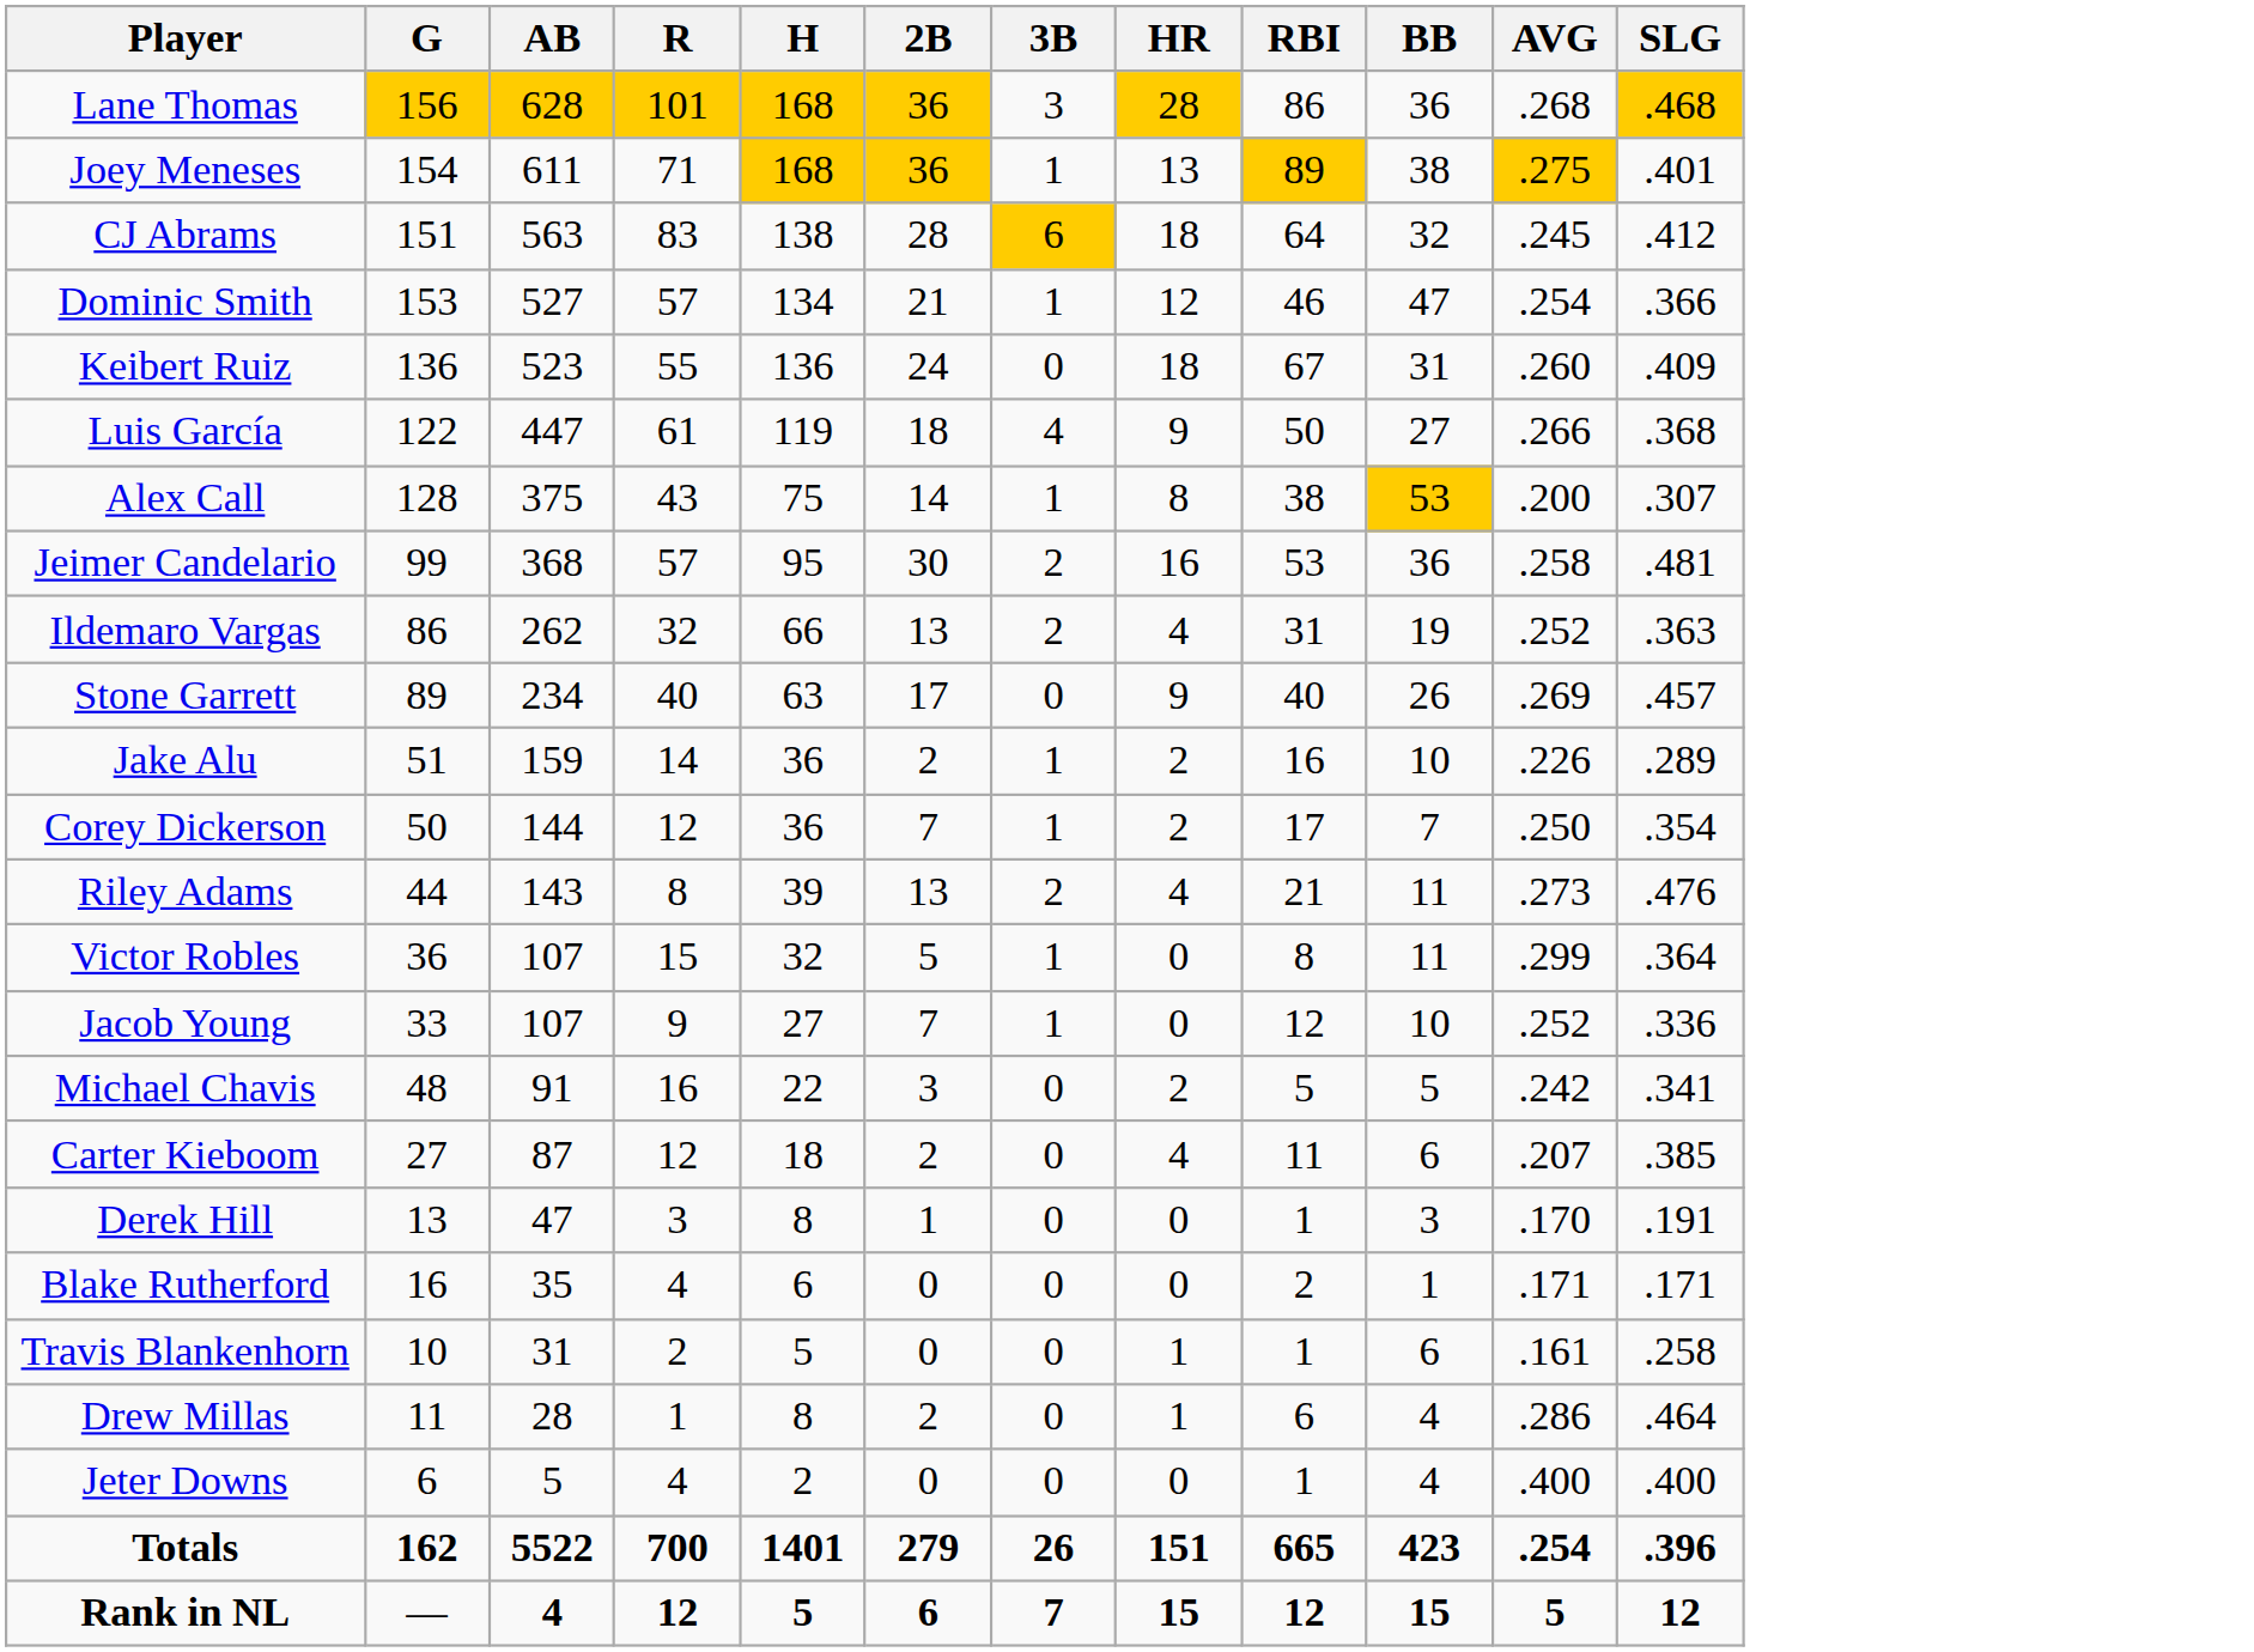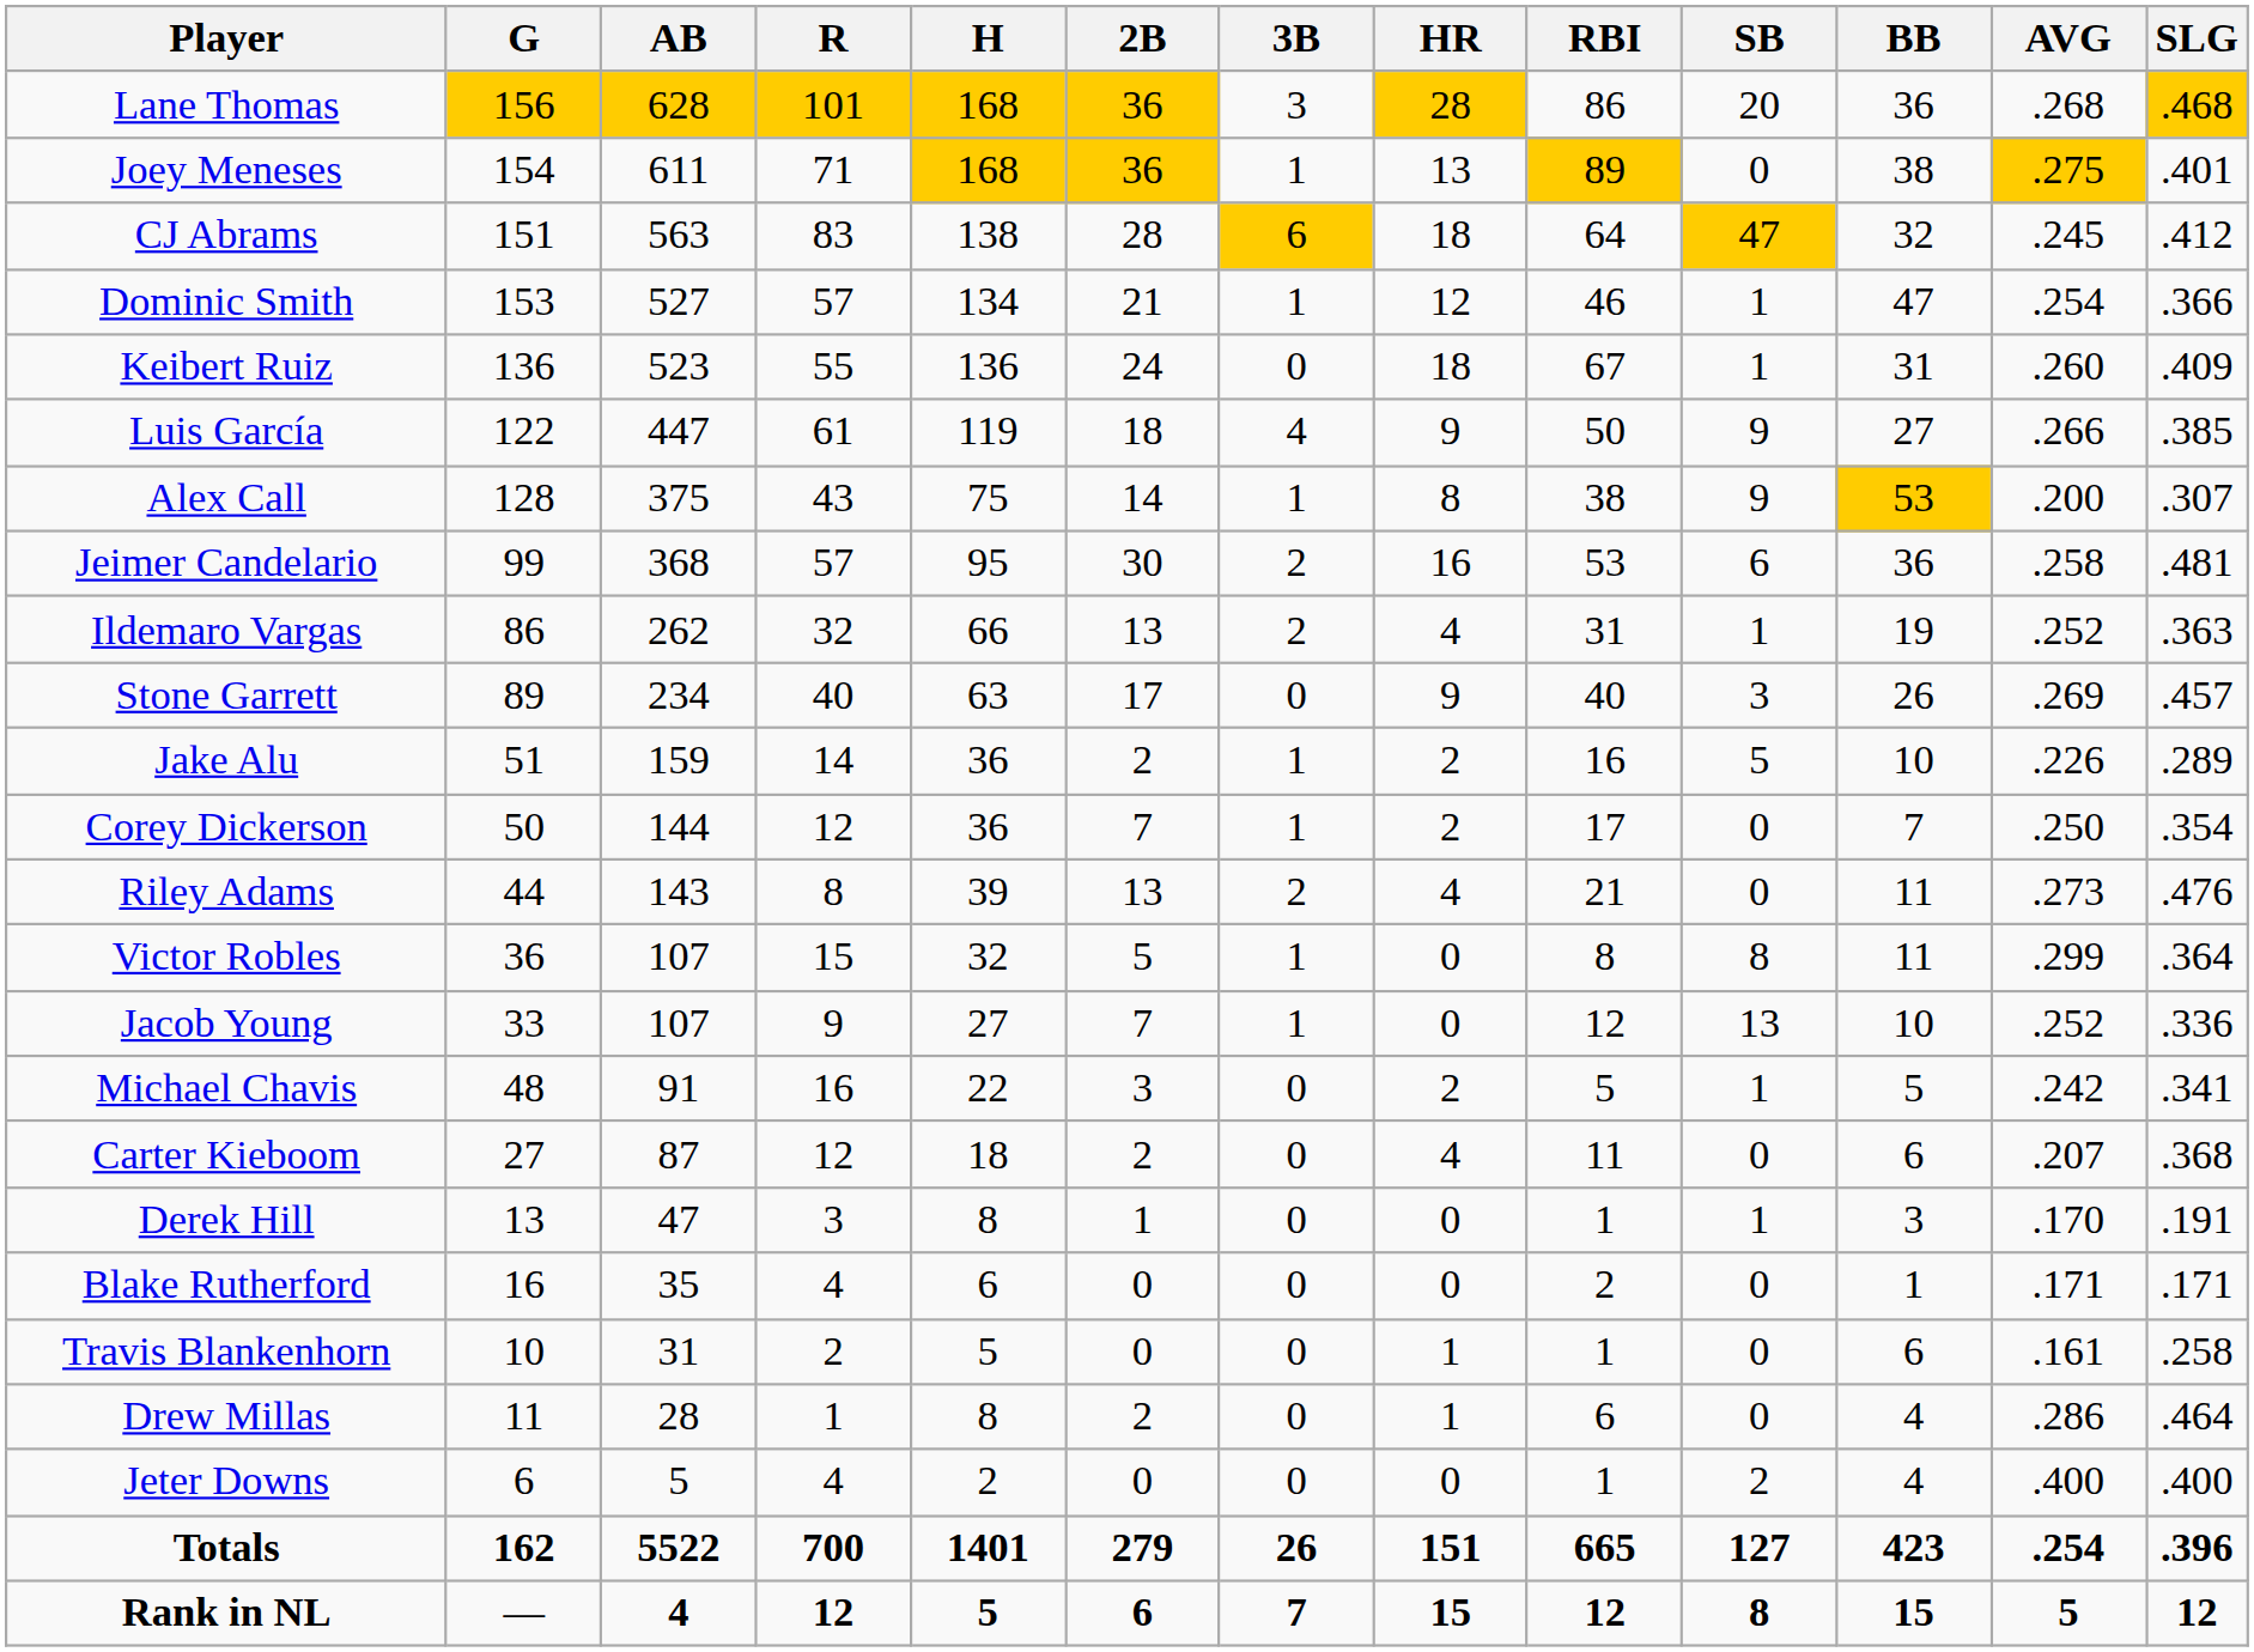 <table class=wikitable style="text-align:center">
 <tr>
 <th bgcolor=#DDDDFF; width="20%">Player</th>
 <th bgcolor=#DDDDFF; width="7%">G</th>
 <th bgcolor=#DDDDFF; width="7%">AB</th>
 <th bgcolor=#DDDDFF; width="7%">R</th>
 <th bgcolor=#DDDDFF; width="7%">H</th>
 <th bgcolor=#DDDDFF; width="7%'">2B</th>
 <th bgcolor=#DDDDFF; width="7%">3B</th>
 <th bgcolor=#DDDDFF; width="7%">HR</th>
 <th bgcolor=#DDDDFF; width="7%">RBI</th>
+<th bgcolor=#DDDDFF; width="7%">SB</th>
 <th bgcolor=#DDDDFF; width="7%">BB</th>
 <th bgcolor=#DDDDFF; width="7%">AVG</th>
 <th bgcolor=#DDDDFF; width="7%">SLG</th>
 </tr>
 <tr>
 <td><a href='#'>Lane Thomas</a></td>
 <td bgcolor=#ffcc00>156</td>
 <td bgcolor=#ffcc00>628</td>
 <td bgcolor=#ffcc00>101</td>
 <td bgcolor=#ffcc00>168</td>
 <td bgcolor=#ffcc00>36</td>
 <td>3</td>
 <td bgcolor=#ffcc00>28</td>
 <td>86</td>
+<td>20</td>
 <td>36</td>
 <td>.268</td>
 <td bgcolor=#ffcc00>.468</td>
 </tr>
 <tr>
 <td><a href='#'>Joey Meneses</a></td>
 <td>154</td>
 <td>611</td>
 <td>71</td>
 <td bgcolor=#ffcc00>168</td>
 <td bgcolor=#ffcc00>36</td>
 <td>1</td>
 <td>13</td>
 <td bgcolor=#ffcc00>89</td>
+<td>0</td>
 <td>38</td>
 <td bgcolor=#ffcc00>.275</td>
 <td>.401</td>
 </tr>
 <tr>
 <td><a href='#'>CJ Abrams</a></td>
 <td>151</td>
 <td>563</td>
 <td>83</td>
 <td>138</td>
 <td>28</td>
 <td bgcolor=#ffcc00>6</td>
 <td>18</td>
 <td>64</td>
+<td bgcolor=#ffcc00>47</td>
 <td>32</td>
 <td>.245</td>
 <td>.412</td>
 </tr>
 <tr>
 <td><a href='#'>Dominic Smith</a></td>
 <td>153</td>
 <td>527</td>
 <td>57</td>
 <td>134</td>
 <td>21</td>
 <td>1</td>
 <td>12</td>
 <td>46</td>
+<td>1</td>
 <td>47</td>
 <td>.254</td>
 <td>.366</td>
 </tr>
 <tr>
 <td><a href='#'>Keibert Ruiz</a></td>
 <td>136</td>
 <td>523</td>
 <td>55</td>
 <td>136</td>
 <td>24</td>
 <td>0</td>
 <td>18</td>
 <td>67</td>
+<td>1</td>
 <td>31</td>
 <td>.260</td>
 <td>.409</td>
 </tr>
 <tr>
 <td><a href='#'>Luis García</a></td>
 <td>122</td>
 <td>447</td>
 <td>61</td>
 <td>119</td>
 <td>18</td>
 <td>4</td>
 <td>9</td>
 <td>50</td>
+<td>9</td>
 <td>27</td>
 <td>.266</td>
-<td>.368</td>
+<td>.385</td>
 </tr>
 <tr>
 <td><a href='#'>Alex Call</a></td>
 <td>128</td>
 <td>375</td>
 <td>43</td>
 <td>75</td>
 <td>14</td>
 <td>1</td>
 <td>8</td>
 <td>38</td>
+<td>9</td>
 <td bgcolor=#ffcc00>53</td>
 <td>.200</td>
 <td>.307</td>
 </tr>
 <tr>
 <td><a href='#'>Jeimer Candelario</a></td>
 <td>99</td>
 <td>368</td>
 <td>57</td>
 <td>95</td>
 <td>30</td>
 <td>2</td>
 <td>16</td>
 <td>53</td>
+<td>6</td>
 <td>36</td>
 <td>.258</td>
 <td>.481</td>
 </tr>
 <tr>
 <td><a href='#'>Ildemaro Vargas</a></td>
 <td>86</td>
 <td>262</td>
 <td>32</td>
 <td>66</td>
 <td>13</td>
 <td>2</td>
 <td>4</td>
 <td>31</td>
+<td>1</td>
 <td>19</td>
 <td>.252</td>
 <td>.363</td>
 </tr>
 <tr>
 <td><a href='#'>Stone Garrett</a></td>
 <td>89</td>
 <td>234</td>
 <td>40</td>
 <td>63</td>
 <td>17</td>
 <td>0</td>
 <td>9</td>
 <td>40</td>
+<td>3</td>
 <td>26</td>
 <td>.269</td>
 <td>.457</td>
 </tr>
 <tr>
 <td><a href='#'>Jake Alu</a></td>
 <td>51</td>
 <td>159</td>
 <td>14</td>
 <td>36</td>
 <td>2</td>
 <td>1</td>
 <td>2</td>
 <td>16</td>
+<td>5</td>
 <td>10</td>
 <td>.226</td>
 <td>.289</td>
 </tr>
 <tr>
 <td><a href='#'>Corey Dickerson</a></td>
 <td>50</td>
 <td>144</td>
 <td>12</td>
 <td>36</td>
 <td>7</td>
 <td>1</td>
 <td>2</td>
 <td>17</td>
+<td>0</td>
 <td>7</td>
 <td>.250</td>
 <td>.354</td>
 </tr>
 <tr>
 <td><a href='#'>Riley Adams</a></td>
 <td>44</td>
 <td>143</td>
 <td>8</td>
 <td>39</td>
 <td>13</td>
 <td>2</td>
 <td>4</td>
 <td>21</td>
+<td>0</td>
 <td>11</td>
 <td>.273</td>
 <td>.476</td>
 </tr>
 <tr>
 <td><a href='#'>Victor Robles</a></td>
 <td>36</td>
 <td>107</td>
 <td>15</td>
 <td>32</td>
 <td>5</td>
 <td>1</td>
 <td>0</td>
+<td>8</td>
 <td>8</td>
 <td>11</td>
 <td>.299</td>
 <td>.364</td>
 </tr>
 <tr>
 <td><a href='#'>Jacob Young</a></td>
 <td>33</td>
 <td>107</td>
 <td>9</td>
 <td>27</td>
 <td>7</td>
 <td>1</td>
 <td>0</td>
 <td>12</td>
+<td>13</td>
 <td>10</td>
 <td>.252</td>
 <td>.336</td>
 </tr>
 <tr>
 <td><a href='#'>Michael Chavis</a></td>
 <td>48</td>
 <td>91</td>
 <td>16</td>
 <td>22</td>
 <td>3</td>
 <td>0</td>
 <td>2</td>
 <td>5</td>
+<td>1</td>
 <td>5</td>
 <td>.242</td>
 <td>.341</td>
 </tr>
 <tr>
 <td><a href='#'>Carter Kieboom</a></td>
 <td>27</td>
 <td>87</td>
 <td>12</td>
 <td>18</td>
 <td>2</td>
 <td>0</td>
 <td>4</td>
 <td>11</td>
+<td>0</td>
 <td>6</td>
 <td>.207</td>
-<td>.385</td>
+<td>.368</td>
 </tr>
 <tr>
 <td><a href='#'>Derek Hill</a></td>
 <td>13</td>
 <td>47</td>
 <td>3</td>
 <td>8</td>
 <td>1</td>
 <td>0</td>
 <td>0</td>
+<td>1</td>
 <td>1</td>
 <td>3</td>
 <td>.170</td>
 <td>.191</td>
 </tr>
 <tr>
 <td><a href='#'>Blake Rutherford</a></td>
 <td>16</td>
 <td>35</td>
 <td>4</td>
 <td>6</td>
 <td>0</td>
 <td>0</td>
 <td>0</td>
 <td>2</td>
+<td>0</td>
 <td>1</td>
 <td>.171</td>
 <td>.171</td>
 </tr>
 <tr>
 <td><a href='#'>Travis Blankenhorn</a></td>
 <td>10</td>
 <td>31</td>
 <td>2</td>
 <td>5</td>
 <td>0</td>
 <td>0</td>
 <td>1</td>
 <td>1</td>
+<td>0</td>
 <td>6</td>
 <td>.161</td>
 <td>.258</td>
 </tr>
 <tr>
 <td><a href='#'>Drew Millas</a></td>
 <td>11</td>
 <td>28</td>
 <td>1</td>
 <td>8</td>
 <td>2</td>
 <td>0</td>
 <td>1</td>
 <td>6</td>
+<td>0</td>
 <td>4</td>
 <td>.286</td>
 <td>.464</td>
 </tr>
 <tr>
 <td><a href='#'>Jeter Downs</a></td>
 <td>6</td>
 <td>5</td>
 <td>4</td>
 <td>2</td>
 <td>0</td>
 <td>0</td>
 <td>0</td>
 <td>1</td>
+<td>2</td>
 <td>4</td>
 <td>.400</td>
 <td>.400</td>
 </tr>
 <tr>
 <td><strong>Totals</strong></td>
 <td><strong>162</strong></td>
 <td><strong>5522</strong></td>
 <td><strong>700</strong></td>
 <td><strong>1401</strong></td>
 <td><strong>279</strong></td>
 <td><strong>26</strong></td>
 <td><strong>151</strong></td>
 <td><strong>665</strong></td>
+<td><strong>127</strong></td>
 <td><strong>423</strong></td>
 <td><strong>.254</strong></td>
 <td><strong>.396</strong></td>
 </tr>
 <tr>
 <td><strong>Rank in NL</strong></td>
 <td>—</td>
 <td><strong>4</strong></td>
 <td><strong>12</strong></td>
 <td><strong>5</strong></td>
 <td><strong>6</strong></td>
 <td><strong>7</strong></td>
 <td><strong>15</strong></td>
 <td><strong>12</strong></td>
+<td><strong>8</strong></td>
 <td><strong>15</strong></td>
 <td><strong>5</strong></td>
 <td><strong>12</strong></td>
 </tr>
 </table>
